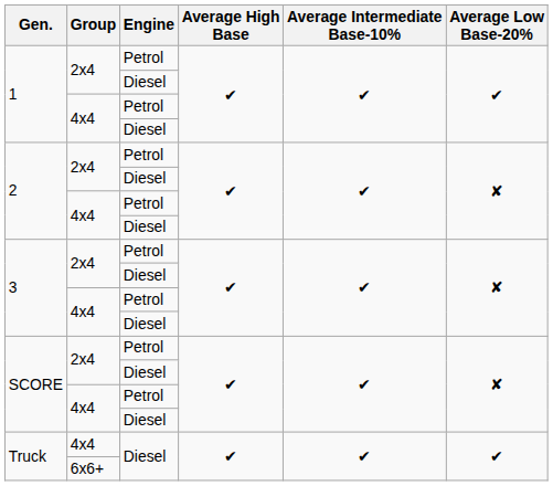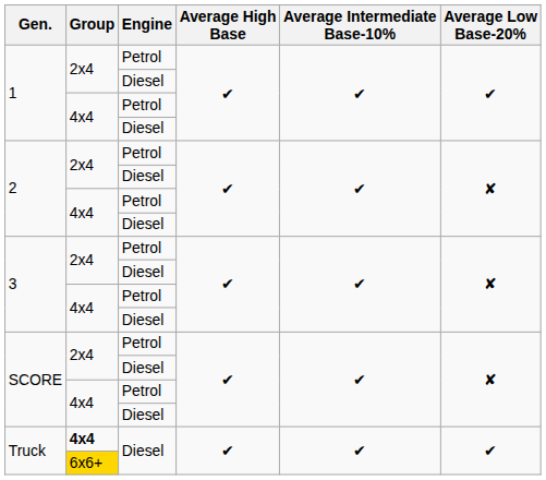 <table class="wikitable" style="font-size:85%;">
 <tr>
 <th>Gen.</th>
 <th>Group</th>
 <th>Engine</th>
 <th>Average High<br>Base</th>
 <th>Average Intermediate<br>Base-10%</th>
 <th>Average Low<br>Base-20%</th>
 </tr>
 <tr>
 <td rowspan="4">1</td>
 <td rowspan="2">2x4</td>
 <td>Petrol</td>
 <td rowspan="4" align=center>✔</td>
 <td rowspan="4" align=center>✔</td>
 <td rowspan="4" align=center>✔</td>
 </tr>
 <tr>
 <td>Diesel</td>
 </tr>
 <tr>
 <td rowspan="2">4x4</td>
 <td>Petrol</td>
 </tr>
 <tr>
 <td>Diesel</td>
 </tr>
 <tr>
 <td rowspan="4">2</td>
 <td rowspan="2">2x4</td>
 <td>Petrol</td>
 <td rowspan="4" align=center>✔</td>
 <td rowspan="4" align=center>✔</td>
 <td rowspan="4" align=center>✘</td>
 </tr>
 <tr>
 <td>Diesel</td>
 </tr>
 <tr>
 <td rowspan="2">4x4</td>
 <td>Petrol</td>
 </tr>
 <tr>
 <td>Diesel</td>
 </tr>
 <tr>
 <td rowspan="4">3</td>
 <td rowspan="2">2x4</td>
 <td>Petrol</td>
 <td rowspan="4" align=center>✔</td>
 <td rowspan="4" align=center>✔</td>
 <td rowspan="4" align=center>✘</td>
 </tr>
 <tr>
 <td>Diesel</td>
 </tr>
 <tr>
 <td rowspan="2">4x4</td>
 <td>Petrol</td>
 </tr>
 <tr>
 <td>Diesel</td>
 </tr>
 <tr>
 <td rowspan="4">SCORE</td>
 <td rowspan="2">2x4</td>
 <td>Petrol</td>
 <td rowspan="4" align=center>✔</td>
 <td rowspan="4" align=center>✔</td>
 <td rowspan="4" align=center>✘</td>
 </tr>
 <tr>
 <td>Diesel</td>
 </tr>
 <tr>
 <td rowspan="2">4x4</td>
 <td>Petrol</td>
 </tr>
 <tr>
 <td>Diesel</td>
 </tr>
 <tr>
 <td rowspan="2">Truck</td>
-<td>4x4</td>
+<td><strong>4x4</strong></td>
 <td rowspan="2">Diesel</td>
 <td rowspan="2" align=center>✔</td>
 <td rowspan="2" align=center>✔</td>
 <td rowspan="2" align=center>✔</td>
 </tr>
 <tr>
-<td>6x6+</td>
+<td style="background: gold;">6x6+</td>
 </tr>
 </table>
